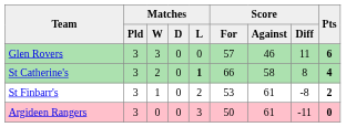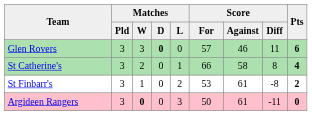 <table style=border-collapse:collapse border=1 cellspacing=0 cellpadding=5>
 <tr align=center bgcolor=#efefef>
 <th rowspan=2 width=165>Team</th>
 <th colspan=4>Matches</th>
 <th colspan=3>Score</th>
 <th rowspan=2width=20>Pts</th>
 </tr>
 <tr align=center bgcolor=#efefef>
 <th width=20>Pld</th>
 <th width=20>W</th>
 <th width=20>D</th>
 <th width=20>L</th>
 <th width=45>For</th>
 <th width=45>Against</th>
 <th width=30>Diff</th>
 </tr>
 <tr align=center style="background:#ACE1AF;">
 <td style="text-align:left;"><a href='#'>Glen Rovers</a></td>
 <td>3</td>
 <td>3</td>
-<td>0</td>
+<td><strong>0</strong></td>
 <td>0</td>
 <td>57</td>
 <td>46</td>
 <td>11</td>
 <td><strong>6</strong></td>
 </tr>
 <tr align=center style="background:#ACE1AF;">
 <td style="text-align:left;"><a href='#'>St Catherine's</a></td>
 <td>3</td>
 <td>2</td>
 <td>0</td>
-<td><strong>1</strong></td>
+<td>1</td>
 <td>66</td>
 <td>58</td>
 <td>8</td>
 <td><strong>4</strong></td>
 </tr>
 <tr align=center>
 <td style="text-align:left;"><a href='#'>St Finbarr's</a></td>
 <td>3</td>
 <td>1</td>
 <td>0</td>
 <td>2</td>
 <td>53</td>
 <td>61</td>
 <td>-8</td>
 <td><strong>2</strong></td>
 </tr>
 <tr align=center style="background:#FFC0CB;">
 <td style="text-align:left;"><a href='#'>Argideen Rangers</a></td>
 <td>3</td>
-<td>0</td>
+<td><strong>0</strong></td>
 <td>0</td>
 <td>3</td>
 <td>50</td>
 <td>61</td>
 <td>-11</td>
 <td><strong>0</strong></td>
 </tr>
 </table>
